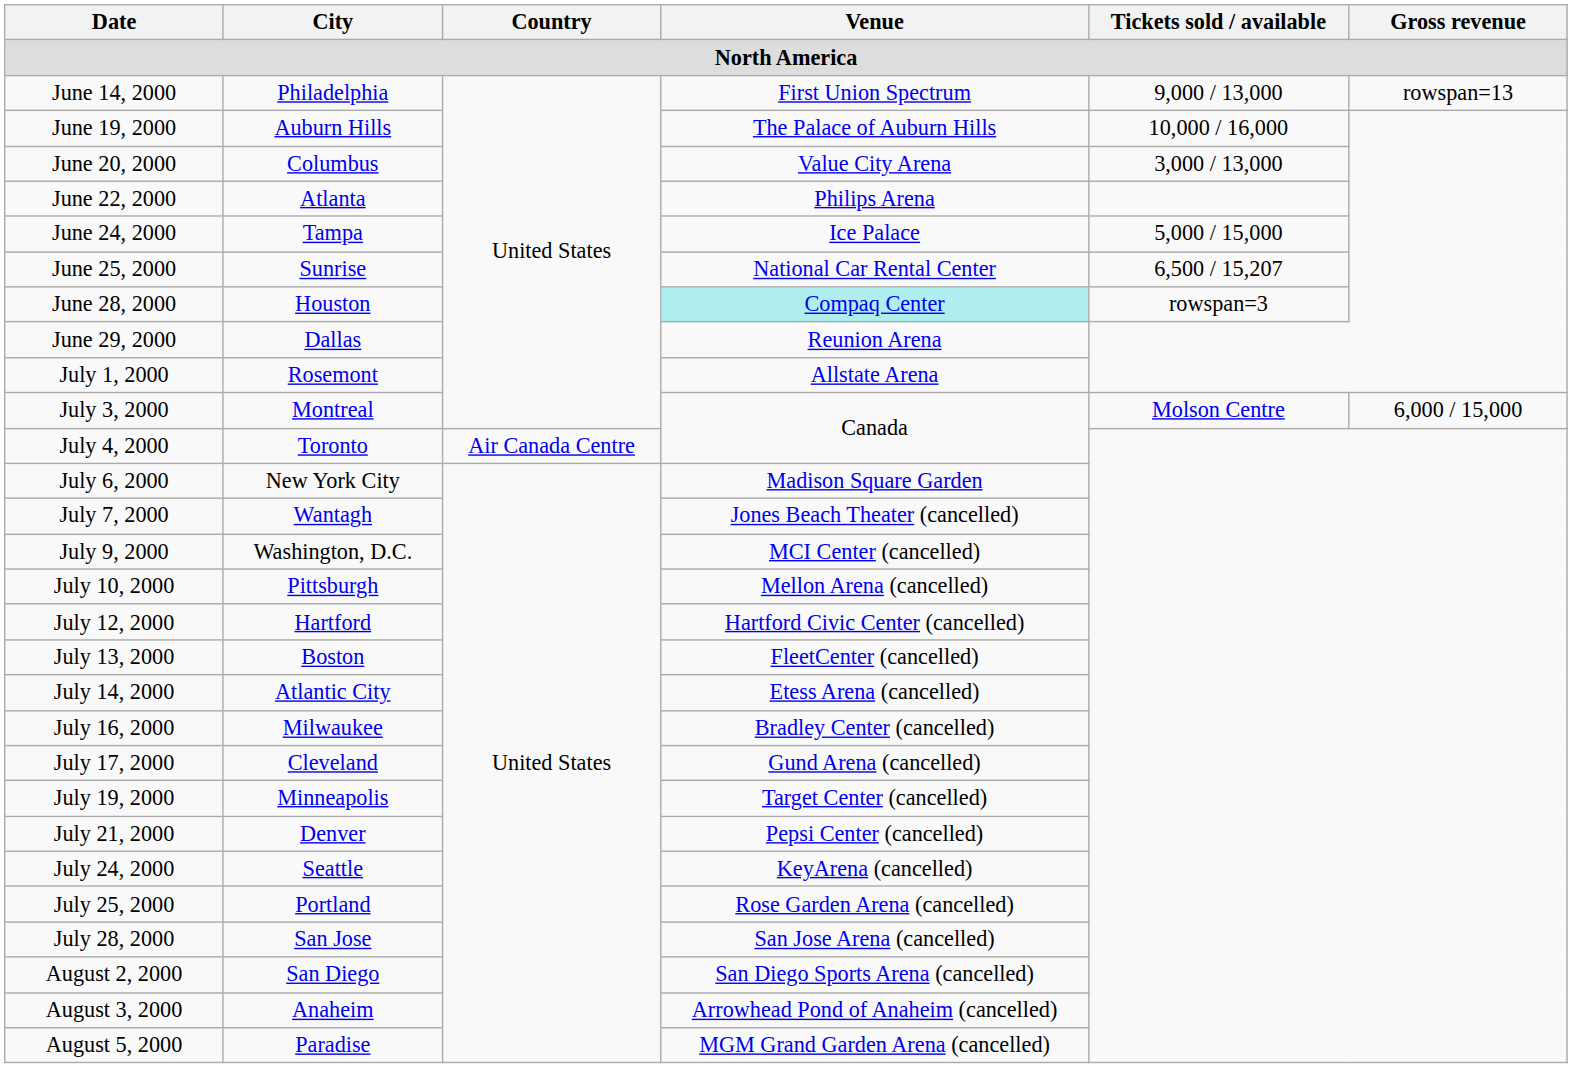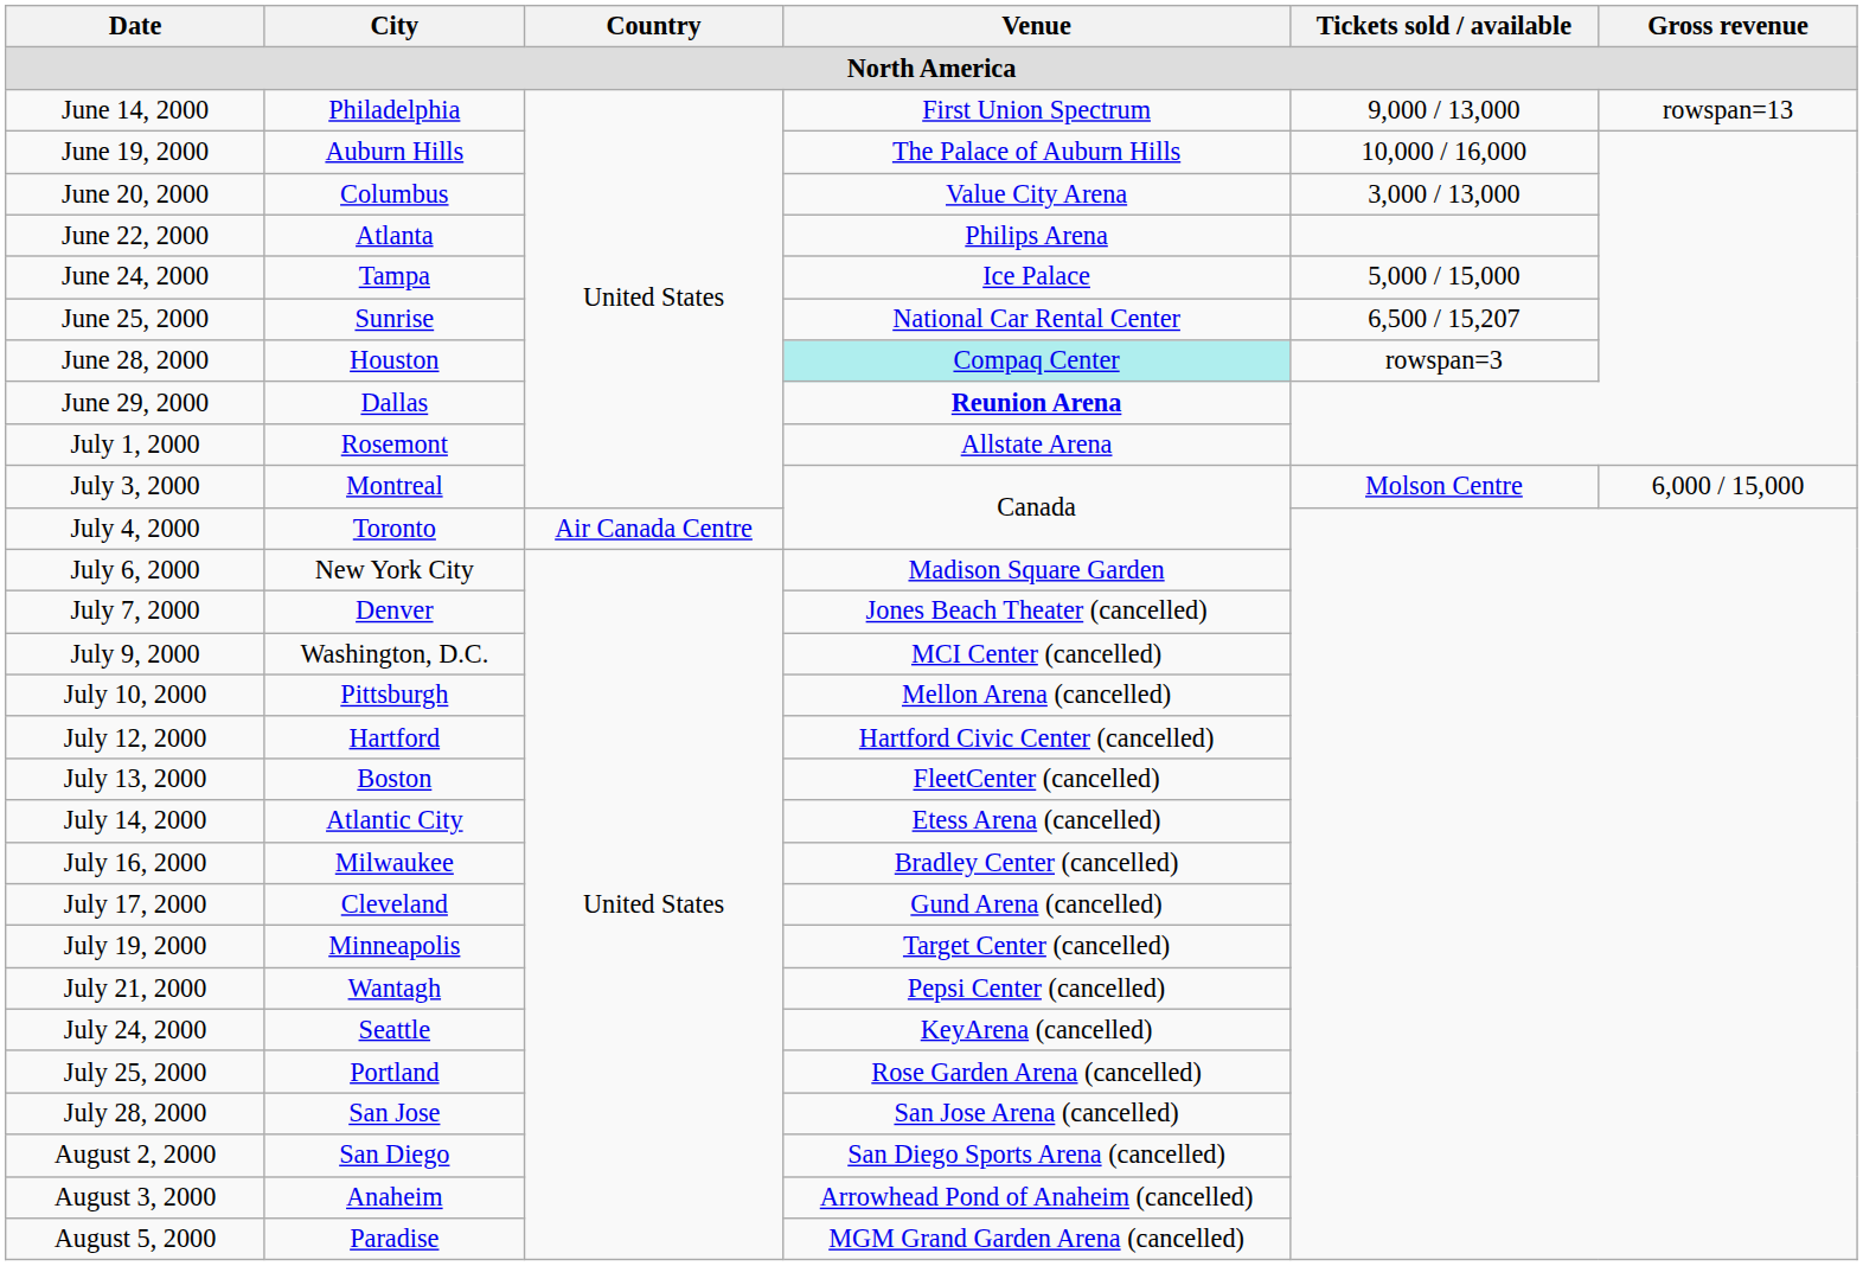 <table class="wikitable" style="text-align:center">
 <tr>
 <th width="150">Date</th>
 <th width="150">City</th>
 <th width="150">Country</th>
 <th width="300">Venue</th>
 <th width="180">Tickets sold / available</th>
 <th width="150">Gross revenue</th>
 </tr>
 <tr bgcolor="#DDDDDD">
 <td colspan=6><strong>North America</strong></td>
 </tr>
 <tr>
 <td>June 14, 2000</td>
 <td><a href='#'>Philadelphia</a></td>
 <td rowspan="10">United States</td>
 <td><a href='#'>First Union Spectrum</a></td>
 <td>9,000 / 13,000</td>
 <td>rowspan=13 </td>
 </tr>
 <tr>
 <td>June 19, 2000</td>
 <td><a href='#'>Auburn Hills</a></td>
 <td><a href='#'>The Palace of Auburn Hills</a></td>
 <td>10,000 / 16,000</td>
 </tr>
 <tr>
 <td>June 20, 2000</td>
 <td><a href='#'>Columbus</a></td>
 <td><a href='#'>Value City Arena</a></td>
 <td>3,000 / 13,000</td>
 </tr>
 <tr>
 <td>June 22, 2000</td>
 <td><a href='#'>Atlanta</a></td>
 <td><a href='#'>Philips Arena</a></td>
 <td></td>
 </tr>
 <tr>
 <td>June 24, 2000</td>
 <td><a href='#'>Tampa</a></td>
 <td><a href='#'>Ice Palace</a></td>
 <td>5,000 / 15,000</td>
 </tr>
 <tr>
 <td>June 25, 2000</td>
 <td><a href='#'>Sunrise</a></td>
 <td><a href='#'>National Car Rental Center</a></td>
 <td>6,500 / 15,207</td>
 </tr>
 <tr>
 <td>June 28, 2000</td>
 <td><a href='#'>Houston</a></td>
 <td style="background: paleturquoise;"><a href='#'>Compaq Center</a></td>
 <td>rowspan=3 </td>
 </tr>
 <tr>
 <td>June 29, 2000</td>
 <td><a href='#'>Dallas</a></td>
-<td><a href='#'>Reunion Arena</a></td>
+<td><strong><a href='#'>Reunion Arena</a></strong></td>
 </tr>
 <tr>
 <td>July 1, 2000</td>
 <td><a href='#'>Rosemont</a></td>
 <td><a href='#'>Allstate Arena</a></td>
 </tr>
 <tr>
 <td>July 3, 2000</td>
 <td><a href='#'>Montreal</a></td>
 <td rowspan="2">Canada</td>
 <td><a href='#'>Molson Centre</a></td>
 <td>6,000 / 15,000</td>
 </tr>
 <tr>
 <td>July 4, 2000</td>
 <td><a href='#'>Toronto</a></td>
 <td><a href='#'>Air Canada Centre</a></td>
 </tr>
 <tr>
 <td>July 6, 2000</td>
 <td>New York City</td>
 <td rowspan="17">United States</td>
 <td><a href='#'>Madison Square Garden</a></td>
 </tr>
 <tr>
 <td>July 7, 2000</td>
-<td><a href='#'>Wantagh</a></td>
+<td><a href='#'>Denver</a></td>
 <td><a href='#'>Jones Beach Theater</a> (cancelled)</td>
 </tr>
 <tr>
 <td>July 9, 2000</td>
 <td>Washington, D.C.</td>
 <td><a href='#'>MCI Center</a> (cancelled)</td>
 </tr>
 <tr>
 <td>July 10, 2000</td>
 <td><a href='#'>Pittsburgh</a></td>
 <td><a href='#'>Mellon Arena</a> (cancelled)</td>
 </tr>
 <tr>
 <td>July 12, 2000</td>
 <td><a href='#'>Hartford</a></td>
 <td><a href='#'>Hartford Civic Center</a> (cancelled)</td>
 </tr>
 <tr>
 <td>July 13, 2000</td>
 <td><a href='#'>Boston</a></td>
 <td><a href='#'>FleetCenter</a> (cancelled)</td>
 </tr>
 <tr>
 <td>July 14, 2000</td>
 <td><a href='#'>Atlantic City</a></td>
 <td><a href='#'>Etess Arena</a> (cancelled)</td>
 </tr>
 <tr>
 <td>July 16, 2000</td>
 <td><a href='#'>Milwaukee</a></td>
 <td><a href='#'>Bradley Center</a> (cancelled)</td>
 </tr>
 <tr>
 <td>July 17, 2000</td>
 <td><a href='#'>Cleveland</a></td>
 <td><a href='#'>Gund Arena</a> (cancelled)</td>
 </tr>
 <tr>
 <td>July 19, 2000</td>
 <td><a href='#'>Minneapolis</a></td>
 <td><a href='#'>Target Center</a> (cancelled)</td>
 </tr>
 <tr>
 <td>July 21, 2000</td>
-<td><a href='#'>Denver</a></td>
+<td><a href='#'>Wantagh</a></td>
 <td><a href='#'>Pepsi Center</a> (cancelled)</td>
 </tr>
 <tr>
 <td>July 24, 2000</td>
 <td><a href='#'>Seattle</a></td>
 <td><a href='#'>KeyArena</a> (cancelled)</td>
 </tr>
 <tr>
 <td>July 25, 2000</td>
 <td><a href='#'>Portland</a></td>
 <td><a href='#'>Rose Garden Arena</a> (cancelled)</td>
 </tr>
 <tr>
 <td>July 28, 2000</td>
 <td><a href='#'>San Jose</a></td>
 <td><a href='#'>San Jose Arena</a> (cancelled)</td>
 </tr>
 <tr>
 <td>August 2, 2000</td>
 <td><a href='#'>San Diego</a></td>
 <td><a href='#'>San Diego Sports Arena</a> (cancelled)</td>
 </tr>
 <tr>
 <td>August 3, 2000</td>
 <td><a href='#'>Anaheim</a></td>
 <td><a href='#'>Arrowhead Pond of Anaheim</a> (cancelled)</td>
 </tr>
 <tr>
 <td>August 5, 2000</td>
 <td><a href='#'>Paradise</a></td>
 <td><a href='#'>MGM Grand Garden Arena</a> (cancelled)</td>
 </tr>
 </table>
